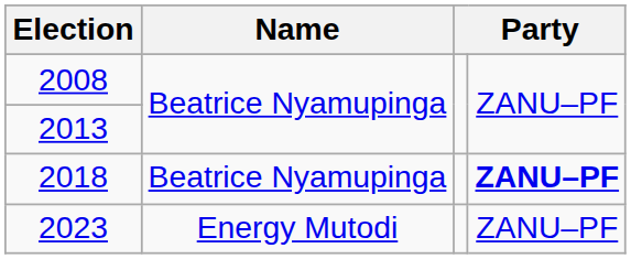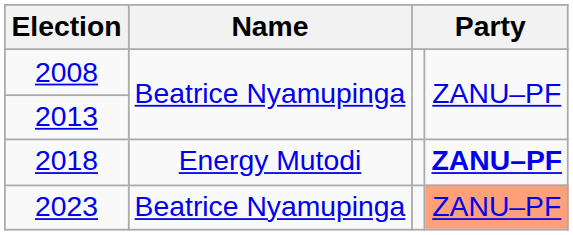 <table class="wikitable" style="text-align:center">
 <tr>
 <th>Election</th>
 <th>Name</th>
 <th colspan="2">Party</th>
 </tr>
 <tr>
 <td><a href='#'>2008</a></td>
 <td rowspan="2"><a href='#'>Beatrice Nyamupinga</a></td>
 <td rowspan="2" style="background-color: "></td>
 <td rowspan="2"><a href='#'>ZANU–PF</a></td>
 </tr>
 <tr>
 <td><a href='#'>2013</a></td>
 </tr>
 <tr>
 <td><a href='#'>2018</a></td>
-<td><a href='#'>Beatrice Nyamupinga</a></td>
+<td><a href='#'>Energy Mutodi</a></td>
 <td style="background-color: "></td>
 <td><strong><a href='#'>ZANU–PF</a></strong></td>
 </tr>
 <tr>
 <td><a href='#'>2023</a></td>
-<td><a href='#'>Energy Mutodi</a></td>
+<td><a href='#'>Beatrice Nyamupinga</a></td>
 <td style="background-color: "></td>
-<td><a href='#'>ZANU–PF</a></td>
+<td style="background: lightsalmon;"><a href='#'>ZANU–PF</a></td>
 </tr>
 </table>
